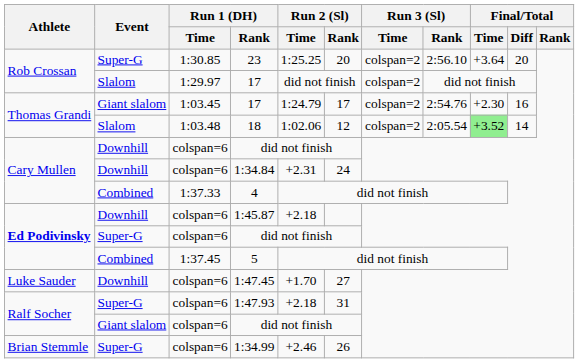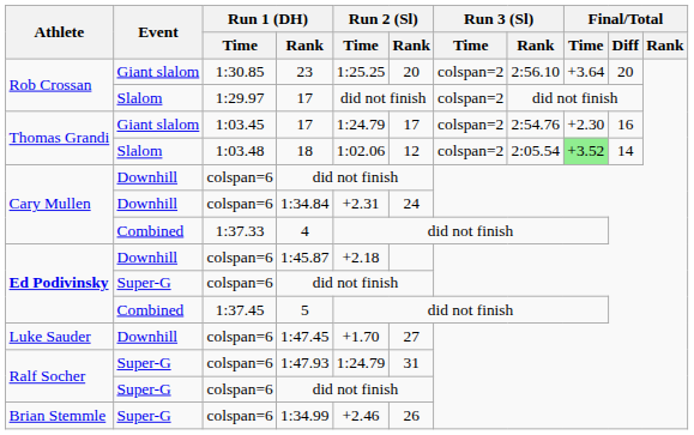 <table class="wikitable" style="font-size:90%">
 <tr>
 <th rowspan="2">Athlete</th>
 <th rowspan="2">Event</th>
 <th colspan="2">Run 1 (DH)</th>
 <th colspan="2">Run 2 (Sl)</th>
 <th colspan="2">Run 3 (Sl)</th>
 <th colspan="3">Final/Total</th>
 </tr>
 <tr>
 <th>Time</th>
 <th>Rank</th>
 <th>Time</th>
 <th>Rank</th>
 <th>Time</th>
 <th>Rank</th>
 <th>Time</th>
 <th>Diff</th>
 <th>Rank</th>
 </tr>
 <tr align="center">
 <td align="left" rowspan=2><a href='#'>Rob Crossan</a></td>
-<td align="left"><a href='#'>Super-G</a></td>
+<td align="left"><a href='#'>Giant slalom</a></td>
 <td>1:30.85</td>
 <td>23</td>
 <td>1:25.25</td>
 <td>20</td>
 <td>colspan=2 </td>
 <td>2:56.10</td>
 <td>+3.64</td>
 <td>20</td>
 </tr>
 <tr align="center">
 <td align="left"><a href='#'>Slalom</a></td>
 <td>1:29.97</td>
 <td>17</td>
 <td colspan=2>did not finish</td>
 <td>colspan=2 </td>
 <td colspan=3>did not finish</td>
 </tr>
 <tr align="center">
 <td align="left" rowspan=2><a href='#'>Thomas Grandi</a></td>
 <td align="left"><a href='#'>Giant slalom</a></td>
 <td>1:03.45</td>
 <td>17</td>
 <td>1:24.79</td>
 <td>17</td>
 <td>colspan=2 </td>
 <td>2:54.76</td>
 <td>+2.30</td>
 <td>16</td>
 </tr>
 <tr align="center">
 <td align="left"><a href='#'>Slalom</a></td>
 <td>1:03.48</td>
 <td>18</td>
 <td>1:02.06</td>
 <td>12</td>
 <td>colspan=2 </td>
 <td>2:05.54</td>
 <td style="background: lightgreen;">+3.52</td>
 <td>14</td>
 </tr>
 <tr align="center">
 <td align="left" rowspan=3><a href='#'>Cary Mullen</a></td>
 <td align="left"><a href='#'>Downhill</a></td>
 <td>colspan=6 </td>
 <td colspan=3>did not finish</td>
 </tr>
 <tr align="center">
 <td align="left"><a href='#'>Downhill</a></td>
 <td>colspan=6 </td>
 <td>1:34.84</td>
 <td>+2.31</td>
 <td>24</td>
 </tr>
 <tr align="center">
 <td align="left"><a href='#'>Combined</a></td>
 <td>1:37.33</td>
 <td>4</td>
 <td colspan=5>did not finish</td>
 </tr>
 <tr align="center">
 <td align="left" rowspan=3><strong><a href='#'>Ed Podivinsky</a></strong></td>
 <td align="left"><a href='#'>Downhill</a></td>
 <td>colspan=6 </td>
 <td>1:45.87</td>
 <td>+2.18</td>
 <td></td>
 </tr>
 <tr align="center">
 <td align="left"><a href='#'>Super-G</a></td>
 <td>colspan=6 </td>
 <td colspan=3>did not finish</td>
 </tr>
 <tr align="center">
 <td align="left"><a href='#'>Combined</a></td>
 <td>1:37.45</td>
 <td>5</td>
 <td colspan=5>did not finish</td>
 </tr>
 <tr align="center">
 <td align="left"><a href='#'>Luke Sauder</a></td>
 <td align="left"><a href='#'>Downhill</a></td>
 <td>colspan=6 </td>
 <td>1:47.45</td>
 <td>+1.70</td>
 <td>27</td>
 </tr>
 <tr align="center">
 <td align="left" rowspan=2><a href='#'>Ralf Socher</a></td>
 <td align="left"><a href='#'>Super-G</a></td>
 <td>colspan=6 </td>
 <td>1:47.93</td>
-<td>+2.18</td>
+<td>1:24.79</td>
 <td>31</td>
 </tr>
 <tr align="center">
-<td align="left"><a href='#'>Giant slalom</a></td>
+<td align="left"><a href='#'>Super-G</a></td>
 <td>colspan=6 </td>
 <td colspan=3>did not finish</td>
 </tr>
 <tr align="center">
 <td align="left"><a href='#'>Brian Stemmle</a></td>
 <td align="left"><a href='#'>Super-G</a></td>
 <td>colspan=6 </td>
 <td>1:34.99</td>
 <td>+2.46</td>
 <td>26</td>
 </tr>
 </table>
